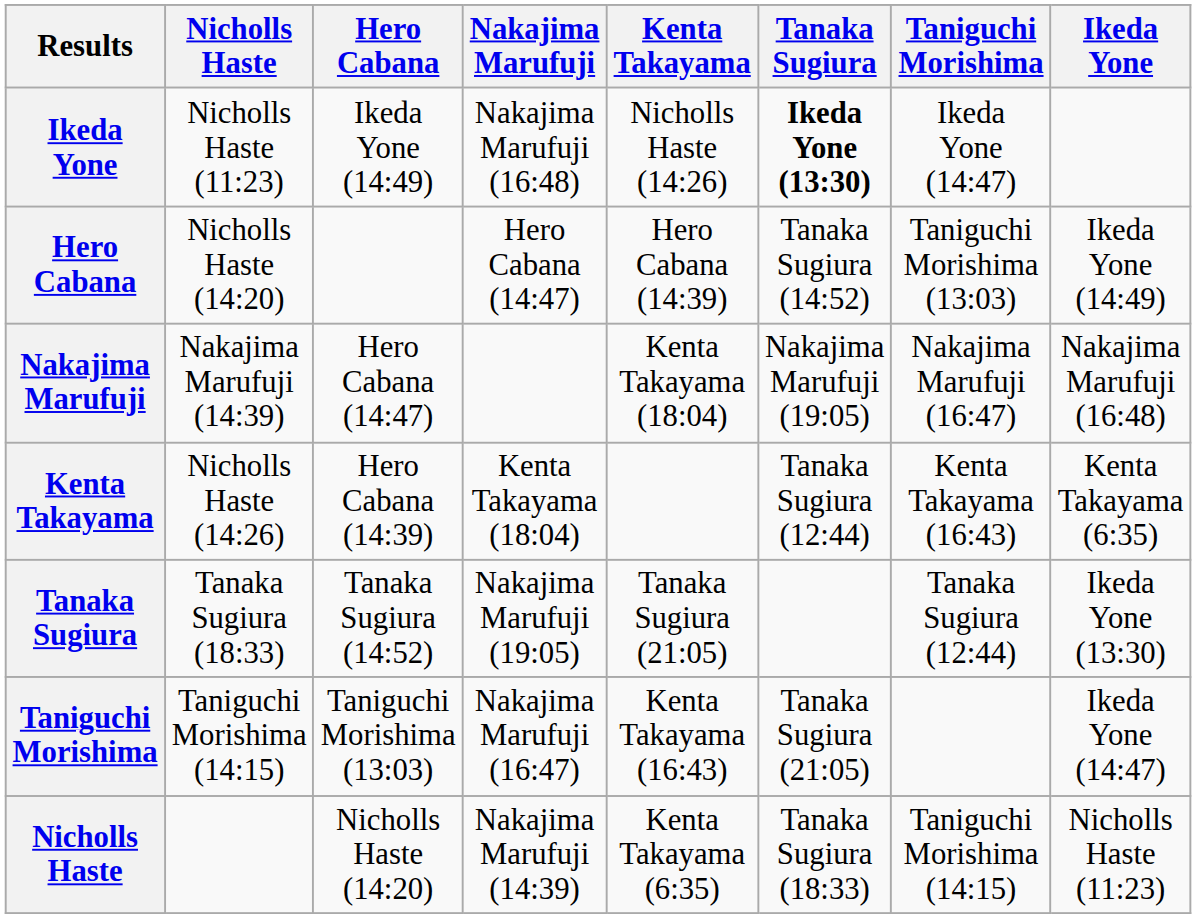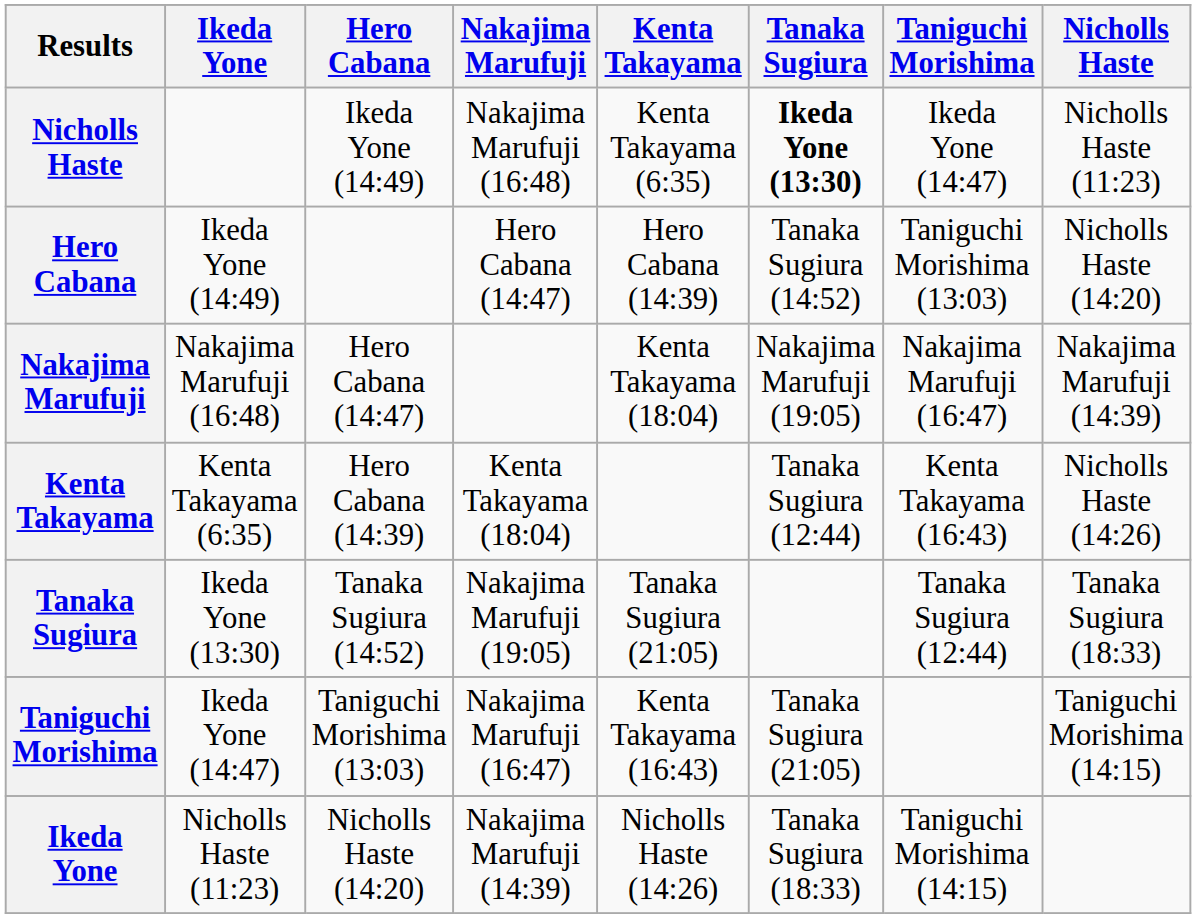 <table class="wikitable" style="margin: 1em auto 1em auto;text-align:center">
 <tr>
 <th>Results</th>
-<th><a href='#'>Nicholls</a><br><a href='#'>Haste</a></th>
+<th><a href='#'>Ikeda</a><br><a href='#'>Yone</a></th>
 <th><a href='#'>Hero</a><br><a href='#'>Cabana</a></th>
 <th><a href='#'>Nakajima</a><br><a href='#'>Marufuji</a></th>
 <th><a href='#'>Kenta</a><br><a href='#'>Takayama</a></th>
 <th><a href='#'>Tanaka</a><br><a href='#'>Sugiura</a></th>
 <th><a href='#'>Taniguchi</a><br><a href='#'>Morishima</a></th>
-<th><a href='#'>Ikeda</a><br><a href='#'>Yone</a></th>
+<th><a href='#'>Nicholls</a><br><a href='#'>Haste</a></th>
 </tr>
 <tr>
-<th><a href='#'>Ikeda</a><br><a href='#'>Yone</a></th>
-<td>Nicholls<br>Haste<br>(11:23)</td>
+<th><a href='#'>Nicholls</a><br><a href='#'>Haste</a></th>
+<td></td>
 <td>Ikeda<br>Yone<br>(14:49)</td>
 <td>Nakajima<br>Marufuji<br>(16:48)</td>
-<td>Nicholls<br>Haste<br>(14:26)</td>
+<td>Kenta<br>Takayama<br>(6:35)</td>
 <td><strong>Ikeda<br>Yone<br>(13:30)</strong></td>
 <td>Ikeda<br>Yone<br>(14:47)</td>
-<td></td>
+<td>Nicholls<br>Haste<br>(11:23)</td>
 </tr>
 <tr>
 <th><a href='#'>Hero</a><br><a href='#'>Cabana</a></th>
-<td>Nicholls<br>Haste<br>(14:20)</td>
+<td>Ikeda<br>Yone<br>(14:49)</td>
 <td></td>
 <td>Hero<br>Cabana<br>(14:47)</td>
 <td>Hero<br>Cabana<br>(14:39)</td>
 <td>Tanaka<br>Sugiura<br>(14:52)</td>
 <td>Taniguchi<br>Morishima<br>(13:03)</td>
-<td>Ikeda<br>Yone<br>(14:49)</td>
+<td>Nicholls<br>Haste<br>(14:20)</td>
 </tr>
 <tr>
 <th><a href='#'>Nakajima</a><br><a href='#'>Marufuji</a></th>
-<td>Nakajima<br>Marufuji<br>(14:39)</td>
+<td>Nakajima<br>Marufuji<br>(16:48)</td>
 <td>Hero<br>Cabana<br>(14:47)</td>
 <td></td>
 <td>Kenta<br>Takayama<br>(18:04)</td>
 <td>Nakajima<br>Marufuji<br>(19:05)</td>
 <td>Nakajima<br>Marufuji<br>(16:47)</td>
-<td>Nakajima<br>Marufuji<br>(16:48)</td>
+<td>Nakajima<br>Marufuji<br>(14:39)</td>
 </tr>
 <tr>
 <th><a href='#'>Kenta</a><br><a href='#'>Takayama</a></th>
-<td>Nicholls<br>Haste<br>(14:26)</td>
+<td>Kenta<br>Takayama<br>(6:35)</td>
 <td>Hero<br>Cabana<br>(14:39)</td>
 <td>Kenta<br>Takayama<br>(18:04)</td>
 <td></td>
 <td>Tanaka<br>Sugiura<br>(12:44)</td>
 <td>Kenta<br>Takayama<br>(16:43)</td>
-<td>Kenta<br>Takayama<br>(6:35)</td>
+<td>Nicholls<br>Haste<br>(14:26)</td>
 </tr>
 <tr>
 <th><a href='#'>Tanaka</a><br><a href='#'>Sugiura</a></th>
-<td>Tanaka<br>Sugiura<br>(18:33)</td>
+<td>Ikeda<br>Yone<br>(13:30)</td>
 <td>Tanaka<br>Sugiura<br>(14:52)</td>
 <td>Nakajima<br>Marufuji<br>(19:05)</td>
 <td>Tanaka<br>Sugiura<br>(21:05)</td>
 <td></td>
 <td>Tanaka<br>Sugiura<br>(12:44)</td>
-<td>Ikeda<br>Yone<br>(13:30)</td>
+<td>Tanaka<br>Sugiura<br>(18:33)</td>
 </tr>
 <tr>
 <th><a href='#'>Taniguchi</a><br><a href='#'>Morishima</a></th>
-<td>Taniguchi<br>Morishima<br>(14:15)</td>
+<td>Ikeda<br>Yone<br>(14:47)</td>
 <td>Taniguchi<br>Morishima<br>(13:03)</td>
 <td>Nakajima<br>Marufuji<br>(16:47)</td>
 <td>Kenta<br>Takayama<br>(16:43)</td>
 <td>Tanaka<br>Sugiura<br>(21:05)</td>
 <td></td>
-<td>Ikeda<br>Yone<br>(14:47)</td>
+<td>Taniguchi<br>Morishima<br>(14:15)</td>
 </tr>
 <tr>
-<th><a href='#'>Nicholls</a><br><a href='#'>Haste</a></th>
-<td></td>
+<th><a href='#'>Ikeda</a><br><a href='#'>Yone</a></th>
+<td>Nicholls<br>Haste<br>(11:23)</td>
 <td>Nicholls<br>Haste<br>(14:20)</td>
 <td>Nakajima<br>Marufuji<br>(14:39)</td>
-<td>Kenta<br>Takayama<br>(6:35)</td>
+<td>Nicholls<br>Haste<br>(14:26)</td>
 <td>Tanaka<br>Sugiura<br>(18:33)</td>
 <td>Taniguchi<br>Morishima<br>(14:15)</td>
-<td>Nicholls<br>Haste<br>(11:23)</td>
+<td></td>
 </tr>
 </table>
